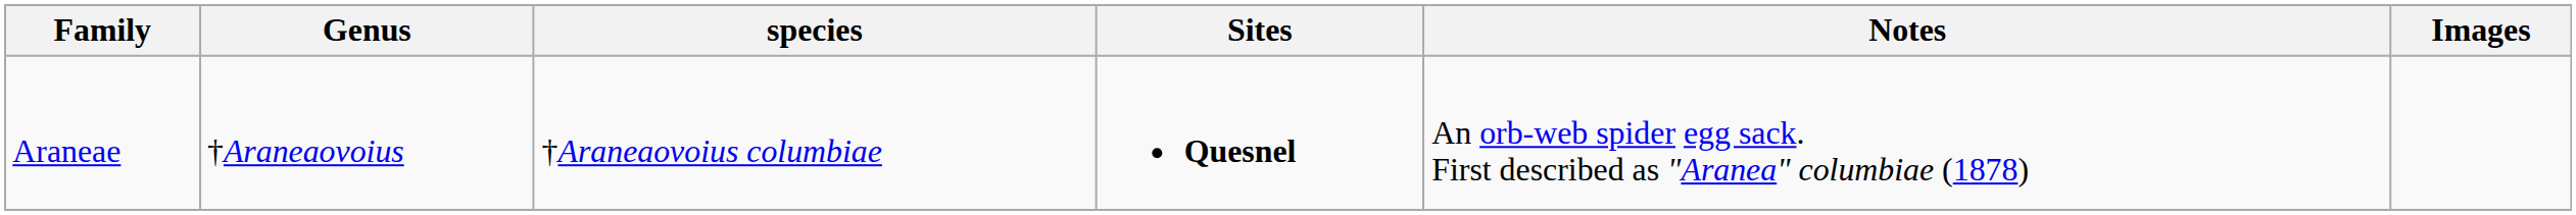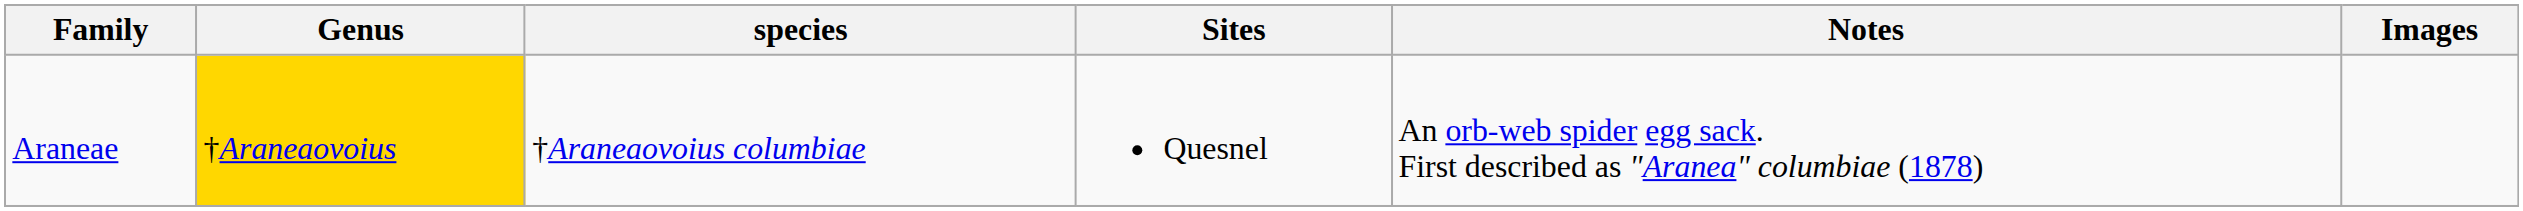 <table class="wikitable sortable"  style="margin:auto; width:100%;">
 <tr>
 <th>Family</th>
 <th>Genus</th>
 <th>species</th>
 <th>Sites</th>
 <th>Notes</th>
 <th>Images</th>
 </tr>
 <tr>
 <td><br><a href='#'>Araneae</a></td>
-<td><br>†<em><a href='#'>Araneaovoius</a></em></td>
+<td style="background: gold;"><br>†<em><a href='#'>Araneaovoius</a></em></td>
 <td><br>†<em><a href='#'>Araneaovoius columbiae</a></em></td>
-<td><strong><br><ul><li>Quesnel</li></ul></strong></td>
+<td><br><ul><li>Quesnel</li></ul></td>
 <td><br>An <a href='#'>orb-web spider</a> <a href='#'>egg sack</a>.<br> First described as <em>"<a href='#'>Aranea</a>" columbiae</em> (<a href='#'>1878</a>)</td>
 <td><br></td>
 </tr>
 <tr>
 </tr>
 </table>
